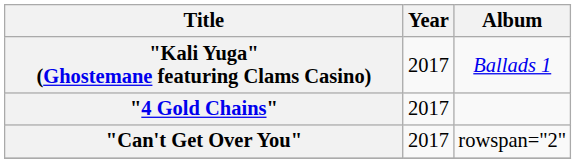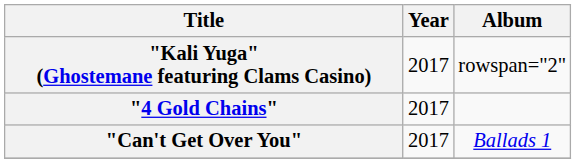 <table class="wikitable plainrowheaders" style="text-align:center;">
 <tr>
 <th scope="col" style="width:19em;">Title</th>
 <th scope="col">Year</th>
 <th scope="col">Album</th>
 </tr>
 <tr>
 <th scope="row">"Kali Yuga"<br><span>(<a href='#'>Ghostemane</a> featuring Clams Casino)</span></th>
 <td>2017</td>
-<td><em><a href='#'>Ballads 1</a></em></td>
+<td>rowspan="2" </td>
 </tr>
 <tr>
 <th scope="row">"<a href='#'>4 Gold Chains</a>"<br></th>
 <td>2017</td>
 </tr>
 <tr>
 <th scope="row">"Can't Get Over You"<br></th>
 <td>2017</td>
-<td>rowspan="2" </td>
+<td><em><a href='#'>Ballads 1</a></em></td>
 </tr>
 <tr>
 </tr>
 </table>
